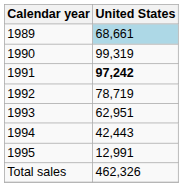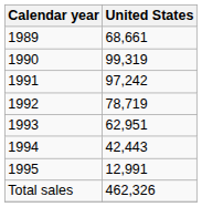 <table class="wikitable">
 <tr>
 <th>Calendar year</th>
 <th>United States</th>
 </tr>
 <tr>
 <td>1989</td>
-<td style="background: lightblue;">68,661</td>
+<td>68,661</td>
 </tr>
 <tr>
 <td>1990</td>
 <td>99,319</td>
 </tr>
 <tr>
 <td>1991</td>
-<td><strong>97,242</strong></td>
+<td>97,242</td>
 </tr>
 <tr>
 <td>1992</td>
 <td>78,719</td>
 </tr>
 <tr>
 <td>1993</td>
 <td>62,951</td>
 </tr>
 <tr>
 <td>1994</td>
 <td>42,443</td>
 </tr>
 <tr>
 <td>1995</td>
 <td>12,991</td>
 </tr>
 <tr>
 <td>Total sales</td>
 <td>462,326</td>
 </tr>
 <tr>
 </tr>
 </table>
